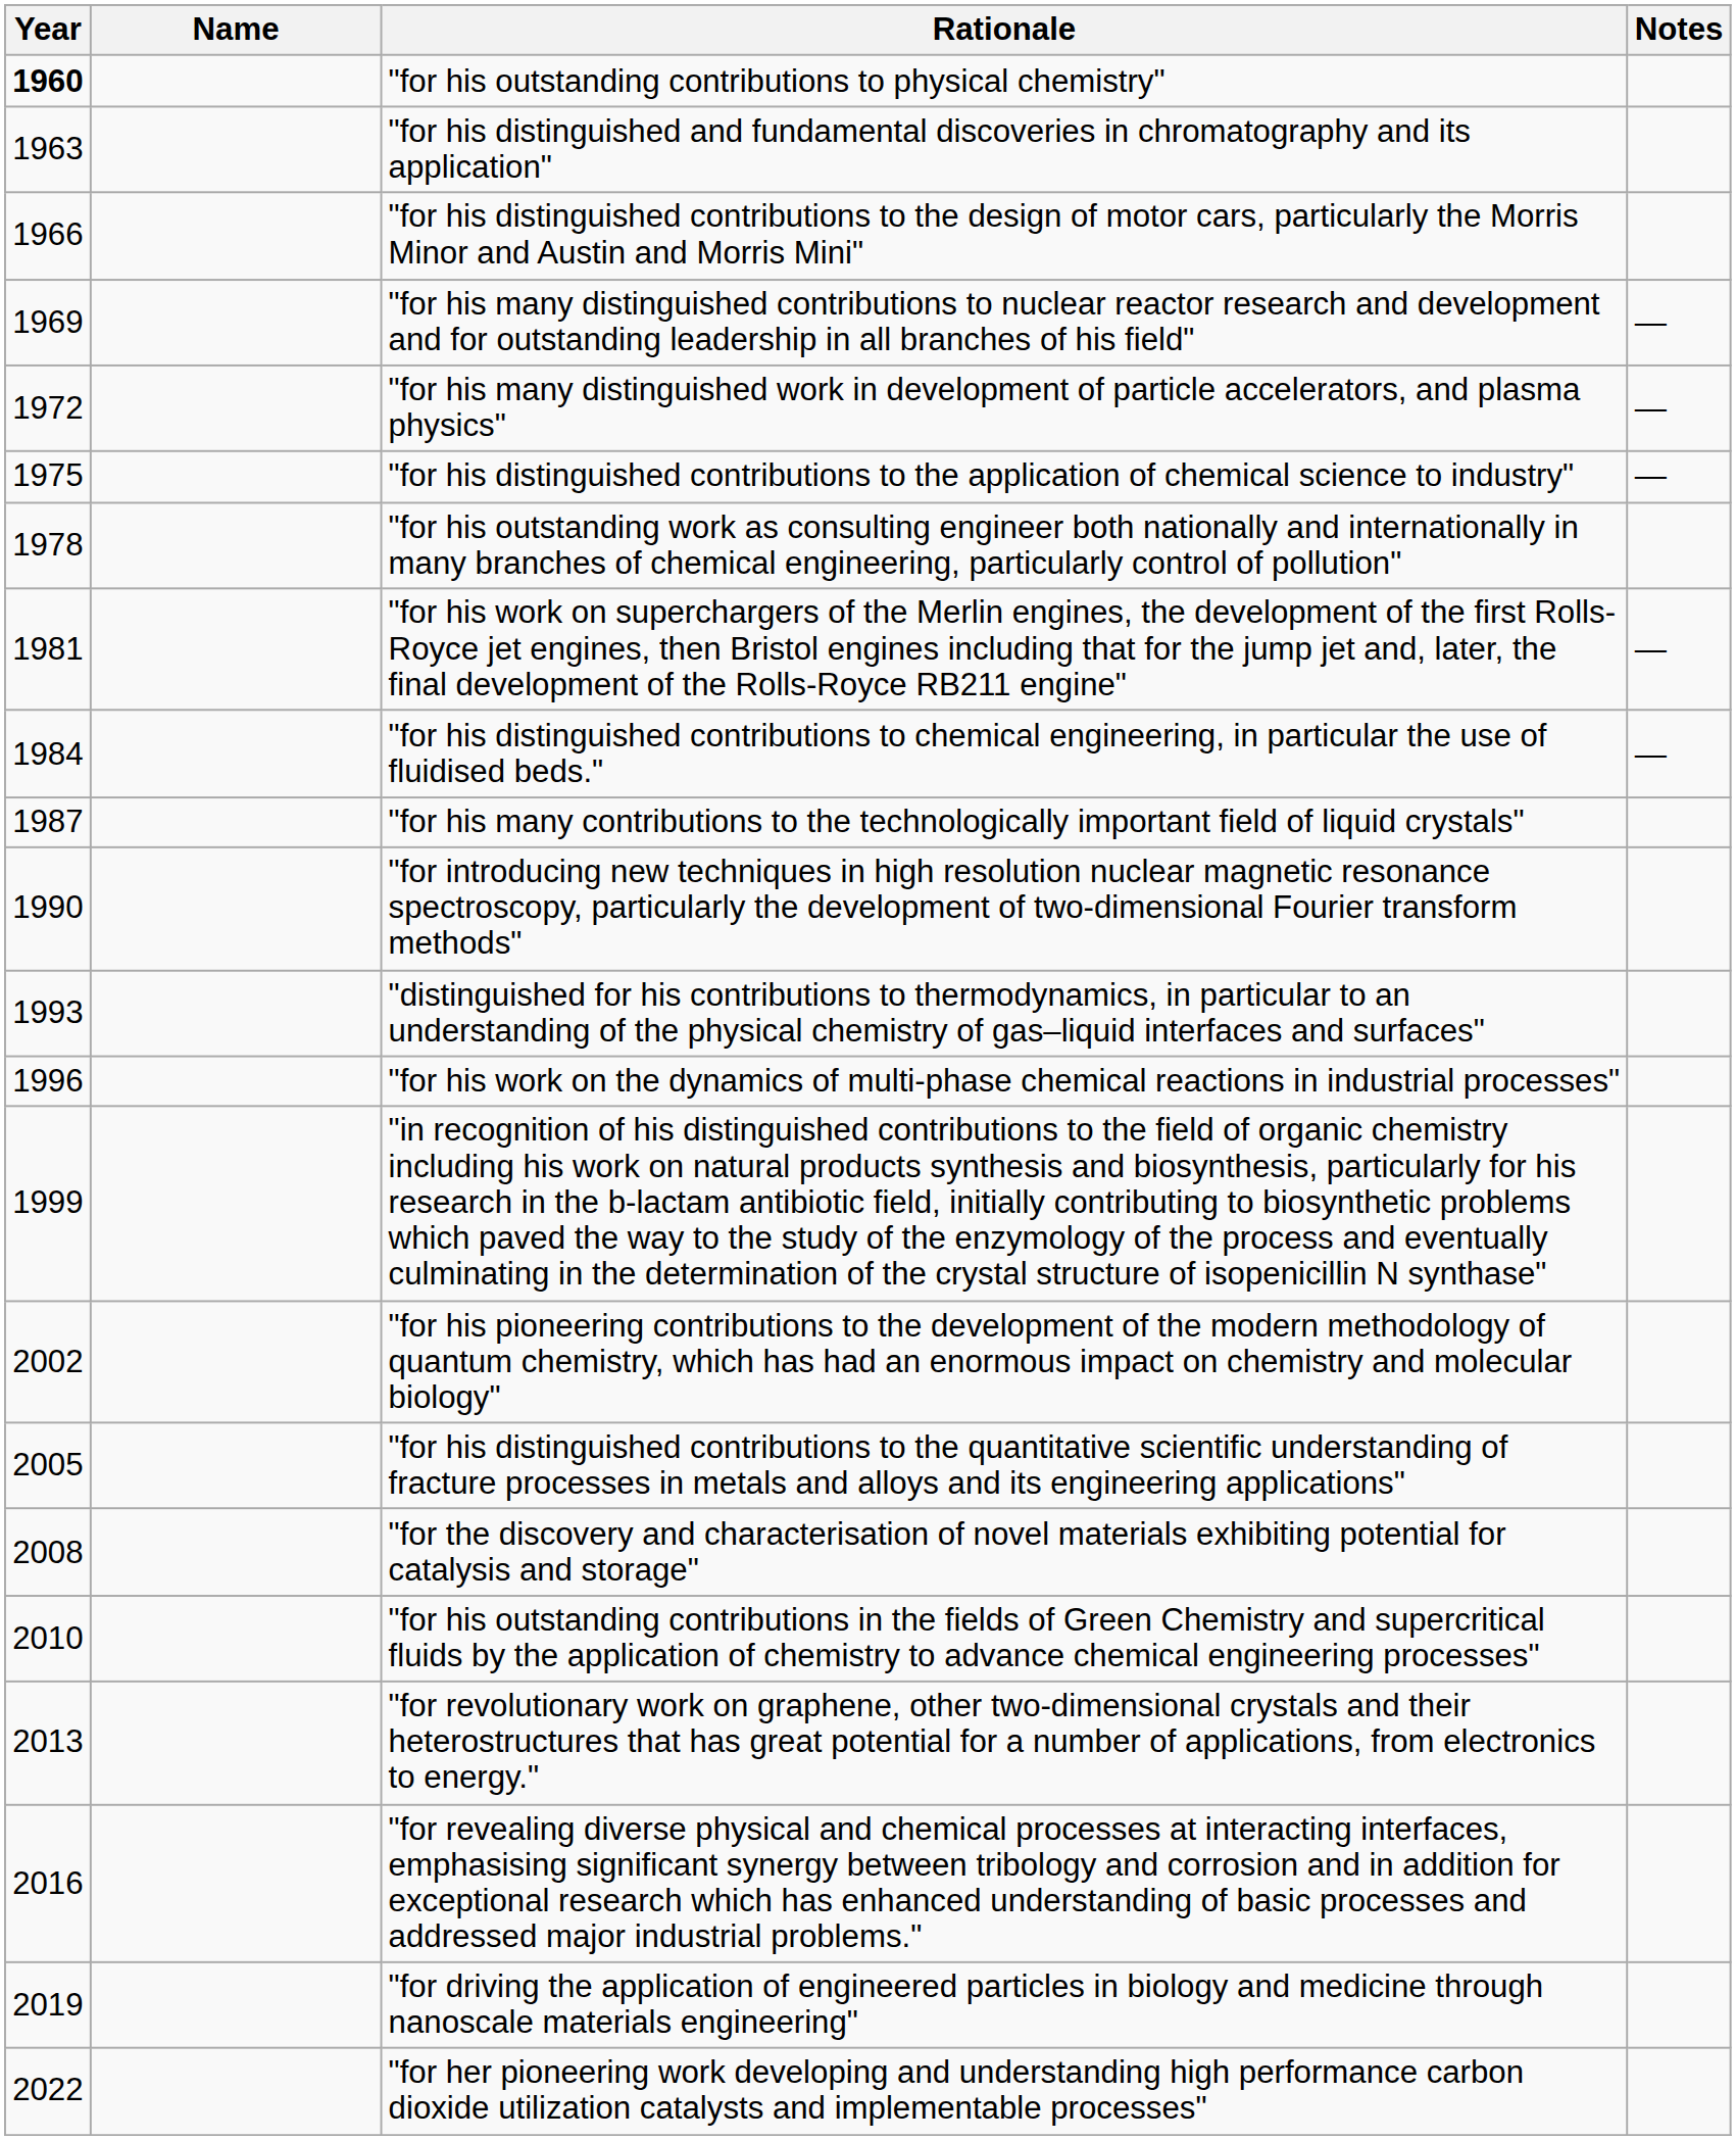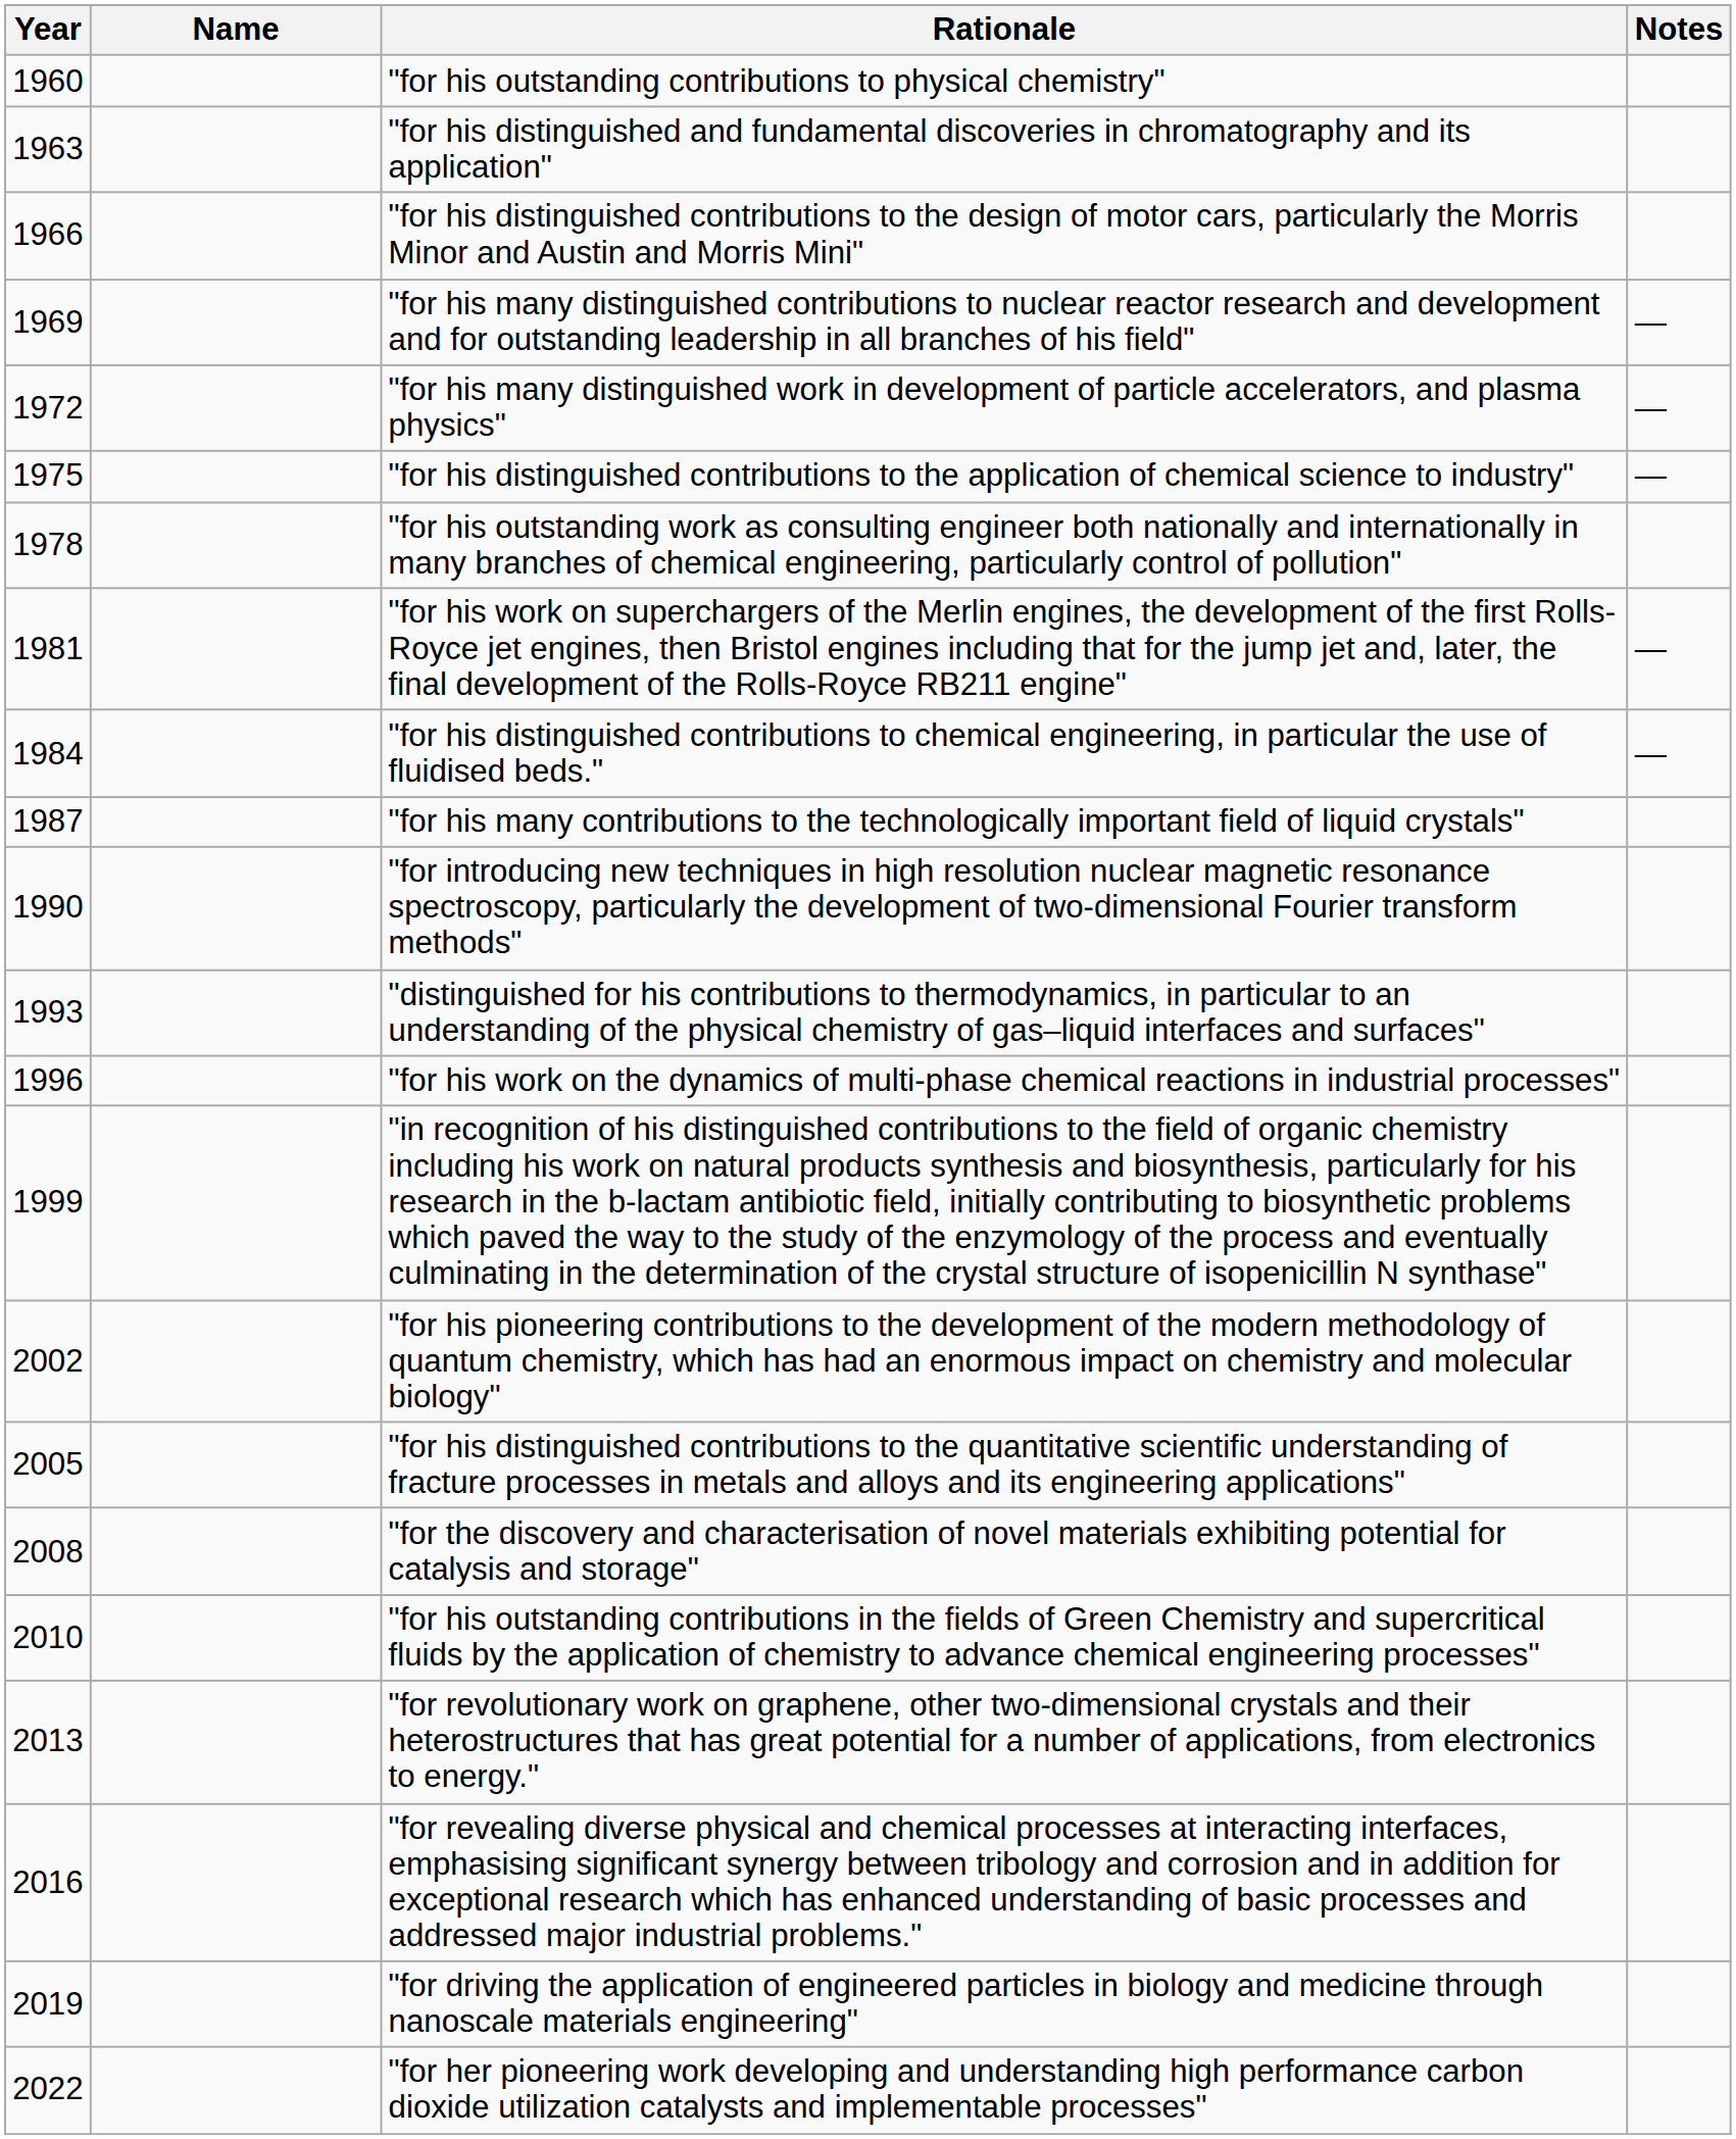 <table class="wikitable sortable" border="1" style="align:left;">
 <tr>
 <th scope=col width="4">Year</th>
 <th scope=col width="200">Name</th>
 <th scope=col width="940" class="unsortable">Rationale</th>
 <th scope=col width=10 class="unsortable">Notes</th>
 </tr>
 <tr>
-<td><strong>1960</strong></td>
+<td>1960</td>
 <td></td>
 <td>"for his outstanding contributions to physical chemistry"</td>
 <td></td>
 </tr>
 <tr>
 <td>1963</td>
 <td></td>
 <td>"for his distinguished and fundamental discoveries in chromatography and its application"</td>
 <td></td>
 </tr>
 <tr>
 <td>1966</td>
 <td></td>
 <td>"for his distinguished contributions to the design of motor cars, particularly the Morris Minor and Austin and Morris Mini"</td>
 <td></td>
 </tr>
 <tr>
 <td>1969</td>
 <td></td>
 <td>"for his many distinguished contributions to nuclear reactor research and development and for outstanding leadership in all branches of his field"</td>
 <td>—</td>
 </tr>
 <tr>
 <td>1972</td>
 <td></td>
 <td>"for his many distinguished work in development of particle accelerators, and plasma physics"</td>
 <td>—</td>
 </tr>
 <tr>
 <td>1975</td>
 <td></td>
 <td>"for his distinguished contributions to the application of chemical science to industry"</td>
 <td>—</td>
 </tr>
 <tr>
 <td>1978</td>
 <td></td>
 <td>"for his outstanding work as consulting engineer both nationally and internationally in many branches of chemical engineering, particularly control of pollution"</td>
 <td></td>
 </tr>
 <tr>
 <td>1981</td>
 <td></td>
 <td>"for his work on superchargers of the Merlin engines, the development of the first Rolls-Royce jet engines, then Bristol engines including that for the jump jet and, later, the final development of the Rolls-Royce RB211 engine"</td>
 <td>—</td>
 </tr>
 <tr>
 <td>1984</td>
 <td></td>
 <td>"for his distinguished contributions to chemical engineering, in particular the use of fluidised beds."</td>
 <td>—</td>
 </tr>
 <tr>
 <td>1987</td>
 <td></td>
 <td>"for his many contributions to the technologically important field of liquid crystals"</td>
 <td></td>
 </tr>
 <tr>
 <td>1990</td>
 <td></td>
 <td>"for introducing new techniques in high resolution nuclear magnetic resonance spectroscopy, particularly the development of two-dimensional Fourier transform methods"</td>
 <td></td>
 </tr>
 <tr>
 <td>1993</td>
 <td></td>
 <td>"distinguished for his contributions to thermodynamics, in particular to an understanding of the physical chemistry of gas–liquid interfaces and surfaces"</td>
 <td></td>
 </tr>
 <tr>
 <td>1996</td>
 <td></td>
 <td>"for his work on the dynamics of multi-phase chemical reactions in industrial processes"</td>
 <td></td>
 </tr>
 <tr>
 <td>1999</td>
 <td></td>
 <td>"in recognition of his distinguished contributions to the field of organic chemistry including his work on natural products synthesis and biosynthesis, particularly for his research in the b-lactam antibiotic field, initially contributing to biosynthetic problems which paved the way to the study of the enzymology of the process and eventually culminating in the determination of the crystal structure of isopenicillin N synthase"</td>
 <td></td>
 </tr>
 <tr>
 <td>2002</td>
 <td></td>
 <td>"for his pioneering contributions to the development of the modern methodology of quantum chemistry, which has had an enormous impact on chemistry and molecular biology"</td>
 <td></td>
 </tr>
 <tr>
 <td>2005</td>
 <td></td>
 <td>"for his distinguished contributions to the quantitative scientific understanding of fracture processes in metals and alloys and its engineering applications"</td>
 <td></td>
 </tr>
 <tr>
 <td>2008</td>
 <td></td>
 <td>"for the discovery and characterisation of novel materials exhibiting potential for catalysis and storage"</td>
 <td></td>
 </tr>
 <tr>
 <td>2010</td>
 <td></td>
 <td>"for his outstanding contributions in the fields of Green Chemistry and supercritical fluids by the application of chemistry to advance chemical engineering processes"</td>
 <td></td>
 </tr>
 <tr>
 <td>2013</td>
 <td></td>
 <td>"for revolutionary work on graphene, other two‐dimensional crystals and their heterostructures that has great potential for a number of applications, from electronics to energy."</td>
 <td></td>
 </tr>
 <tr>
 <td>2016</td>
 <td></td>
 <td>"for revealing diverse physical and chemical processes at interacting interfaces, emphasising significant synergy between tribology and corrosion and in addition for exceptional research which has enhanced understanding of basic processes and addressed major industrial problems."</td>
 <td></td>
 </tr>
 <tr>
 <td>2019</td>
 <td></td>
 <td>"for driving the application of engineered particles in biology and medicine through nanoscale materials engineering"</td>
 <td></td>
 </tr>
 <tr>
 <td>2022</td>
 <td></td>
 <td>"for her pioneering work developing and understanding high performance carbon dioxide utilization catalysts and implementable processes"</td>
 <td></td>
 </tr>
 <tr>
 </tr>
 </table>
